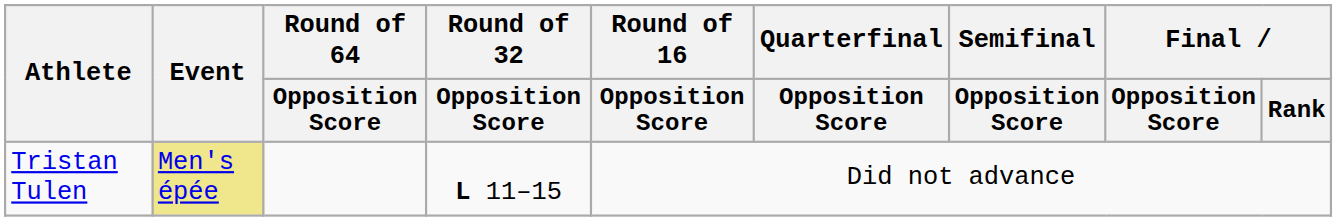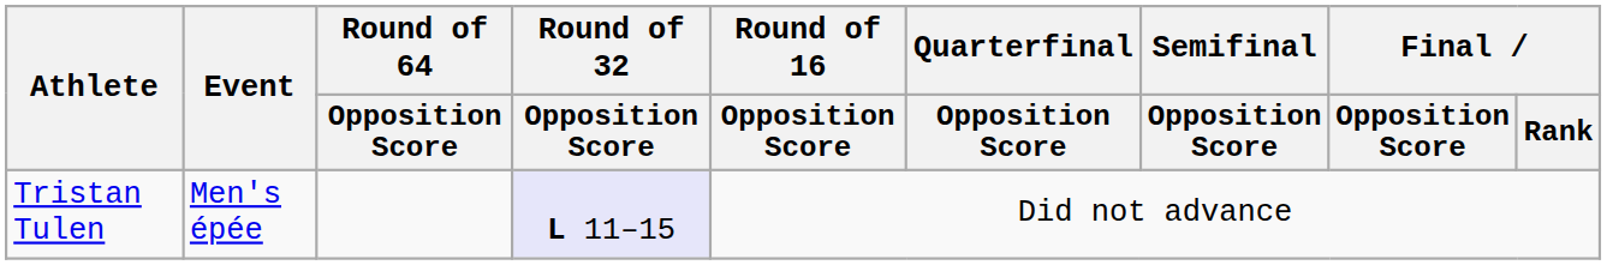 <table class="wikitable" style="font-size:90%">
 <tr>
 <th rowspan="2">Athlete</th>
 <th rowspan="2">Event</th>
 <th>Round of 64</th>
 <th>Round of 32</th>
 <th>Round of 16</th>
 <th>Quarterfinal</th>
 <th>Semifinal</th>
 <th colspan=2>Final / </th>
 </tr>
 <tr style="font-size:95%">
 <th>Opposition <br> Score</th>
 <th>Opposition <br> Score</th>
 <th>Opposition <br> Score</th>
 <th>Opposition <br> Score</th>
 <th>Opposition <br> Score</th>
 <th>Opposition <br> Score</th>
 <th>Rank</th>
 </tr>
 <tr align=center>
 <td align=left><a href='#'>Tristan Tulen</a></td>
-<td align=left style="background: khaki;"><a href='#'>Men's épée</a></td>
+<td align=left><a href='#'>Men's épée</a></td>
 <td></td>
-<td><br><strong>L</strong> 11–15</td>
+<td style="background: lavender;"><br><strong>L</strong> 11–15</td>
 <td colspan=5>Did not advance</td>
 </tr>
 </table>
